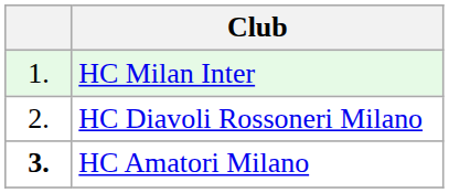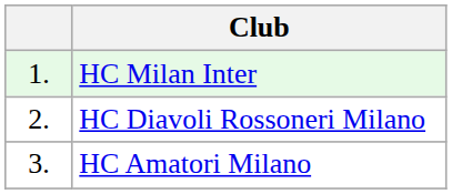 <table class="wikitable">
 <tr>
 <th width="30"></th>
 <th width="200">Club</th>
 </tr>
 <tr bgcolor="#e6fae6" align="center">
 <td>1.</td>
 <td align="left"><a href='#'>HC Milan Inter</a></td>
 </tr>
 <tr bgcolor="#FFFFFF" align="center">
 <td>2.</td>
 <td align="left"><a href='#'>HC Diavoli Rossoneri Milano</a></td>
 </tr>
 <tr bgcolor="#FFFFFF" align="center">
-<td><strong>3.</strong></td>
+<td>3.</td>
 <td align="left"><a href='#'>HC Amatori Milano</a></td>
 </tr>
 </table>
